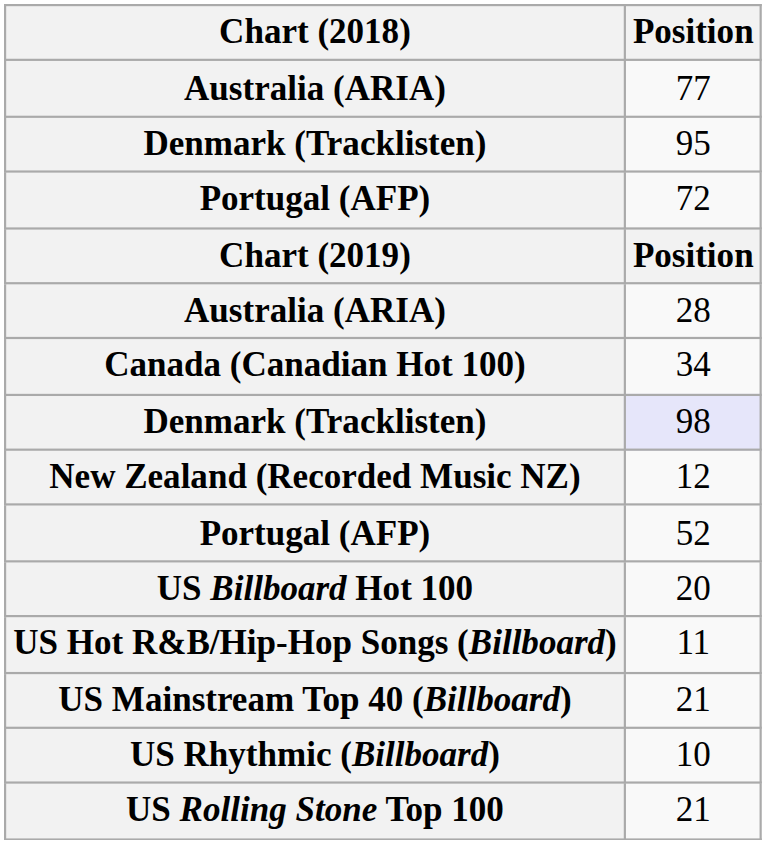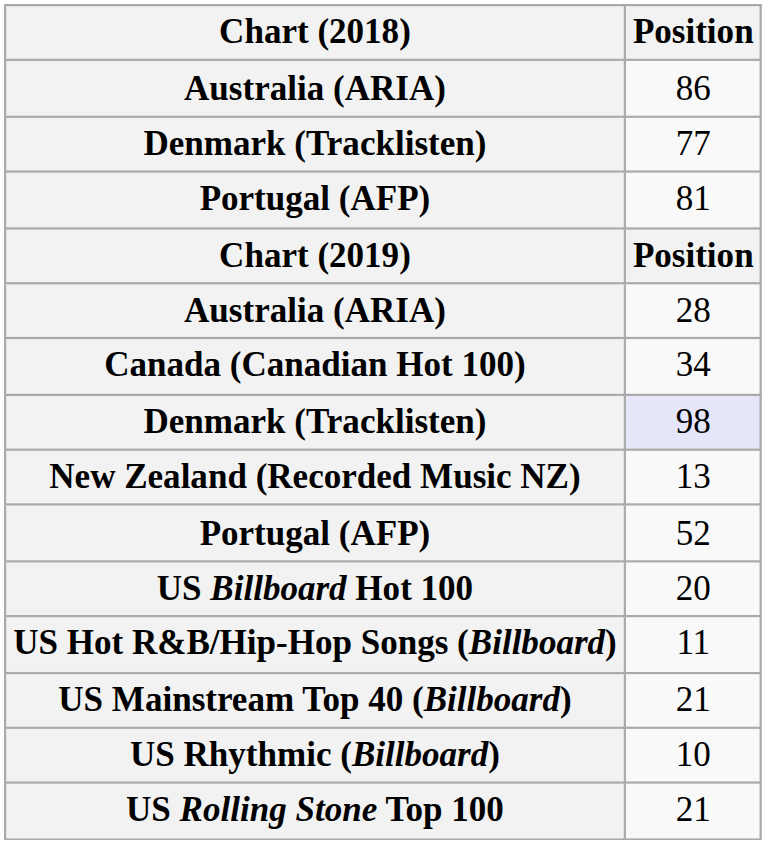 <table class="wikitable sortable plainrowheaders" style="text-align:center">
 <tr>
 <th scope="col">Chart (2018)</th>
 <th scope="col">Position</th>
 </tr>
 <tr>
 <th scope="row">Australia (ARIA)</th>
+<td>86</td>
+</tr>
+<tr>
+<th scope="row">Denmark (Tracklisten)</th>
 <td>77</td>
 </tr>
 <tr>
-<th scope="row">Denmark (Tracklisten)</th>
-<td>95</td>
-</tr>
-<tr>
 <th scope="row">Portugal (AFP)</th>
-<td>72</td>
+<td>81</td>
 </tr>
 <tr>
 <th scope="col">Chart (2019)</th>
 <th scope="col">Position</th>
 </tr>
 <tr>
 <th scope="row">Australia (ARIA)</th>
 <td>28</td>
 </tr>
 <tr>
 <th scope="row">Canada (Canadian Hot 100)</th>
 <td>34</td>
 </tr>
 <tr>
 <th scope="row">Denmark (Tracklisten)</th>
 <td style="background: lavender;">98</td>
 </tr>
 <tr>
 <th scope="row">New Zealand (Recorded Music NZ)</th>
-<td>12</td>
+<td>13</td>
 </tr>
 <tr>
 <th scope="row">Portugal (AFP)</th>
 <td>52</td>
 </tr>
 <tr>
 <th scope="row">US <em>Billboard</em> Hot 100</th>
 <td>20</td>
 </tr>
 <tr>
 <th scope="row">US Hot R&B/Hip-Hop Songs (<em>Billboard</em>)</th>
 <td>11</td>
 </tr>
 <tr>
 <th scope="row">US Mainstream Top 40 (<em>Billboard</em>)</th>
 <td>21</td>
 </tr>
 <tr>
 <th scope="row">US Rhythmic (<em>Billboard</em>)</th>
 <td>10</td>
 </tr>
 <tr>
 <th scope="row">US <em>Rolling Stone</em> Top 100</th>
 <td>21</td>
 </tr>
 </table>
